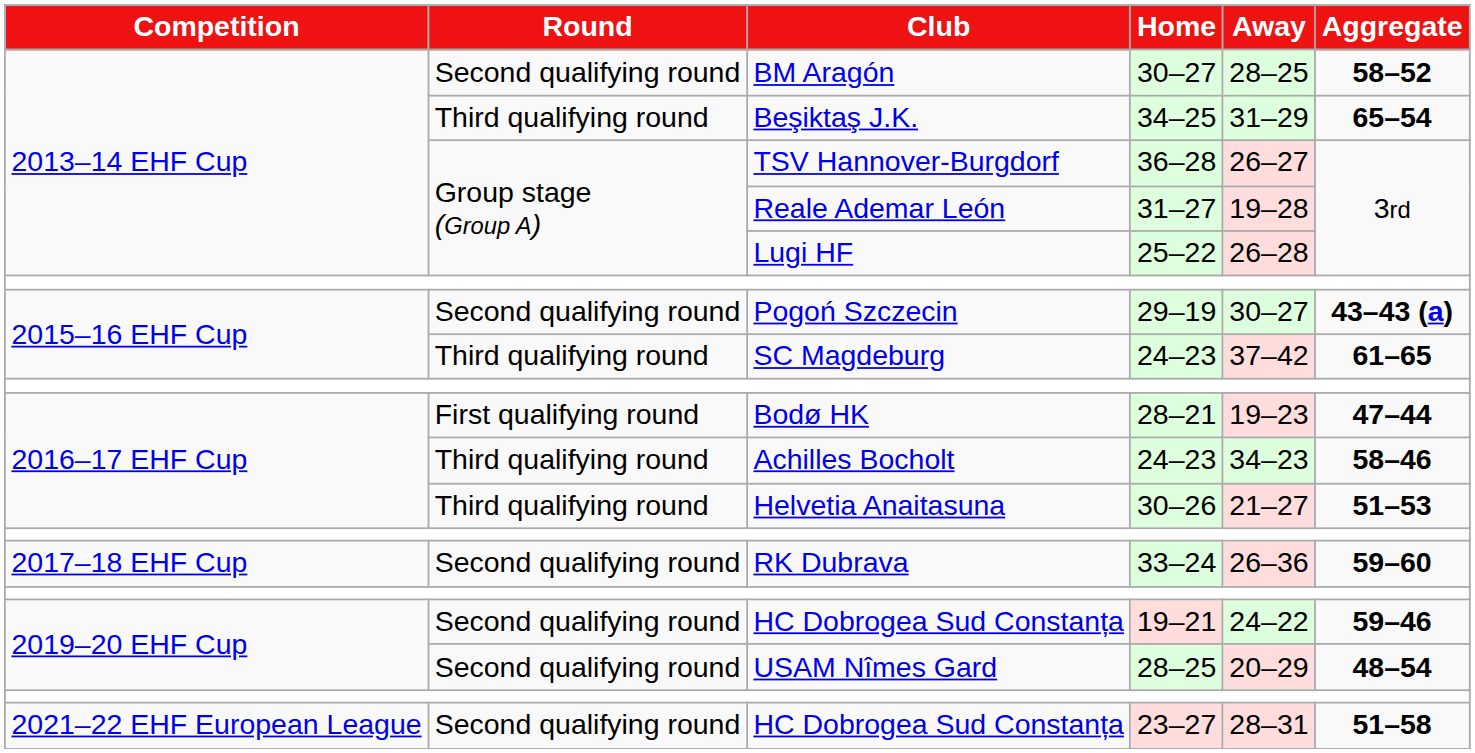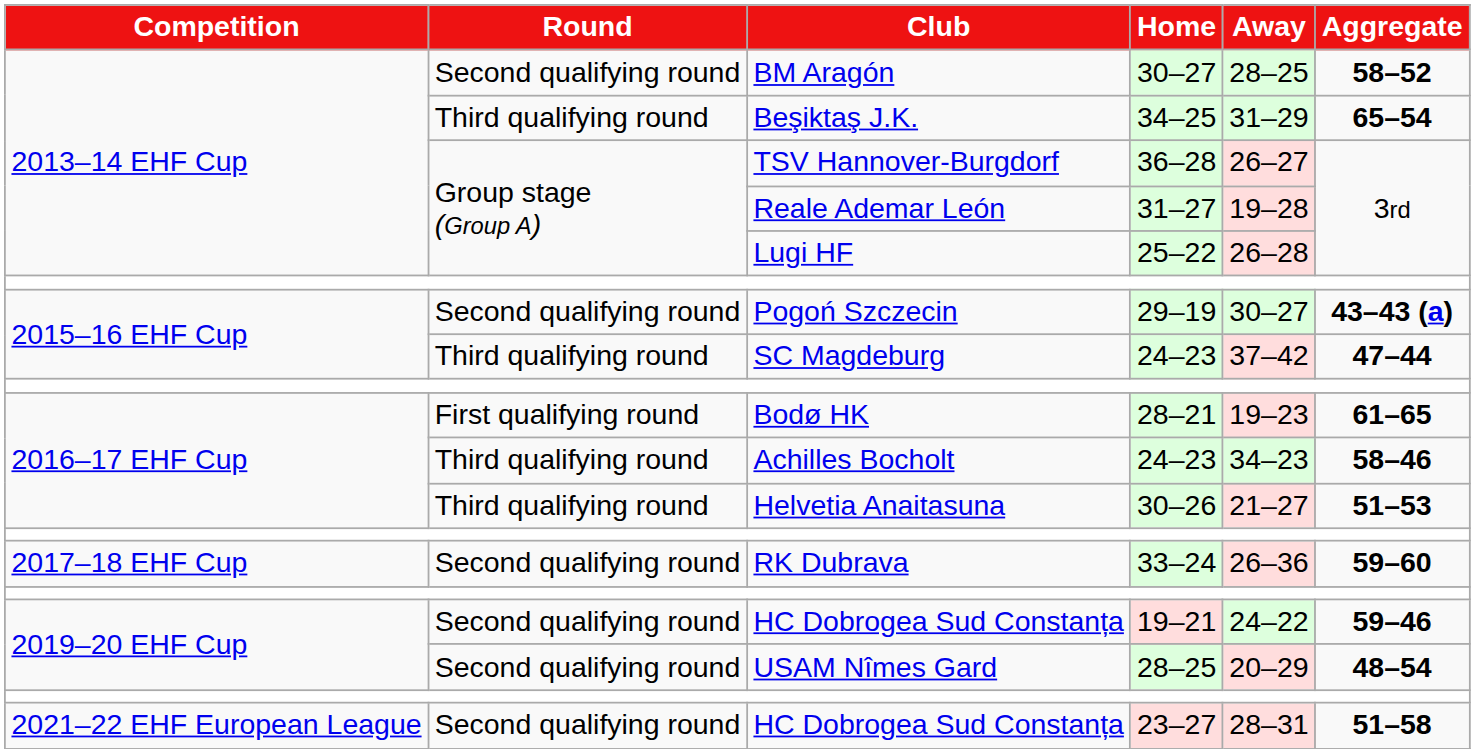 <table class="wikitable collapsible collapsed" align=center>
 <tr>
 <th style="color:white; background:#EE1212">Competition</th>
 <th style="color:white; background:#EE1212">Round</th>
 <th style="color:white; background:#EE1212">Club</th>
 <th style="color:white; background:#EE1212">Home</th>
 <th style="color:white; background:#EE1212">Away</th>
 <th style="color:white; background:#EE1212">Aggregate</th>
 </tr>
 <tr>
 <td rowspan=5><a href='#'>2013–14 EHF Cup</a></td>
 <td>Second qualifying round</td>
 <td> <a href='#'>BM Aragón</a></td>
 <td style="text-align:center; background:#dfd;">30–27</td>
 <td style="text-align:center; background:#dfd;">28–25</td>
 <td style="text-align:center;"><strong>58–52</strong></td>
 </tr>
 <tr>
 <td>Third qualifying round</td>
 <td> <a href='#'>Beşiktaş J.K.</a></td>
 <td style="text-align:center; background:#dfd;">34–25</td>
 <td style="text-align:center; background:#dfd;">31–29</td>
 <td style="text-align:center;"><strong>65–54</strong></td>
 </tr>
 <tr>
 <td rowspan=3>Group stage<br><em>(<small>Group A</small>)</em></td>
 <td> <a href='#'>TSV Hannover-Burgdorf</a></td>
 <td style="text-align:center; background:#dfd;">36–28</td>
 <td style="text-align:center; background:#fdd;">26–27</td>
 <td style="text-align:center;" rowspan="3">3<small>rd</small></td>
 </tr>
 <tr>
 <td> <a href='#'>Reale Ademar León</a></td>
 <td style="text-align:center; background:#dfd;">31–27</td>
 <td style="text-align:center; background:#fdd;">19–28</td>
 </tr>
 <tr>
 <td> <a href='#'>Lugi HF</a></td>
 <td style="text-align:center; background:#dfd;">25–22</td>
 <td style="text-align:center; background:#fdd;">26–28</td>
 </tr>
 <tr>
 <td colspan="7"  style="text-align:center; background:white;"></td>
 </tr>
 <tr>
 <td rowspan=2><a href='#'>2015–16 EHF Cup</a></td>
 <td>Second qualifying round</td>
 <td> <a href='#'>Pogoń Szczecin</a></td>
 <td style="text-align:center; background:#dfd;">29–19</td>
 <td style="text-align:center; background:#dfd;">30–27</td>
 <td style="text-align:center;"><strong>43–43 (<a href='#'>a</a>)</strong></td>
 </tr>
 <tr>
 <td>Third qualifying round</td>
 <td> <a href='#'>SC Magdeburg</a></td>
 <td style="text-align:center; background:#dfd;">24–23</td>
 <td style="text-align:center; background:#fdd;">37–42</td>
-<td style="text-align:center;"><strong>61–65</strong></td>
+<td style="text-align:center;"><strong>47–44</strong></td>
 </tr>
 <tr>
 <td colspan="7"  style="text-align:center; background:white;"></td>
 </tr>
 <tr>
 <td rowspan=3><a href='#'>2016–17 EHF Cup</a></td>
 <td>First qualifying round</td>
 <td> <a href='#'>Bodø HK</a></td>
 <td style="text-align:center; background:#dfd;">28–21</td>
 <td style="text-align:center; background:#fdd;">19–23</td>
-<td style="text-align:center;"><strong>47–44</strong></td>
+<td style="text-align:center;"><strong>61–65</strong></td>
 </tr>
 <tr>
 <td>Third qualifying round</td>
 <td> <a href='#'>Achilles Bocholt</a></td>
 <td style="text-align:center; background:#dfd;">24–23</td>
 <td style="text-align:center; background:#dfd;">34–23</td>
 <td style="text-align:center;"><strong>58–46</strong></td>
 </tr>
 <tr>
 <td>Third qualifying round</td>
 <td> <a href='#'>Helvetia Anaitasuna</a></td>
 <td style="text-align:center; background:#dfd;">30–26</td>
 <td style="text-align:center; background:#fdd;">21–27</td>
 <td style="text-align:center;"><strong>51–53</strong></td>
 </tr>
 <tr>
 <td colspan="7"  style="text-align:center; background:white;"></td>
 </tr>
 <tr>
 <td><a href='#'>2017–18 EHF Cup</a></td>
 <td>Second qualifying round</td>
 <td> <a href='#'>RK Dubrava</a></td>
 <td style="text-align:center; background:#dfd;">33–24</td>
 <td style="text-align:center; background:#fdd;">26–36</td>
 <td style="text-align:center;"><strong>59–60</strong></td>
 </tr>
 <tr>
 <td colspan="7"  style="text-align:center; background:white;"></td>
 </tr>
 <tr>
 <td rowspan=2><a href='#'>2019–20 EHF Cup</a></td>
 <td>Second qualifying round</td>
 <td> <a href='#'>HC Dobrogea Sud Constanța</a></td>
 <td style="text-align:center; background:#fdd;">19–21</td>
 <td style="text-align:center; background:#dfd;">24–22</td>
 <td style="text-align:center;"><strong>59–46</strong></td>
 </tr>
 <tr>
 <td>Second qualifying round</td>
 <td> <a href='#'>USAM Nîmes Gard</a></td>
 <td style="text-align:center; background:#dfd;">28–25</td>
 <td style="text-align:center; background:#fdd;">20–29</td>
 <td style="text-align:center;"><strong>48–54</strong></td>
 </tr>
 <tr>
 <td colspan="7"  style="text-align:center; background:white;"></td>
 </tr>
 <tr>
 <td rowspan=1><a href='#'>2021–22 EHF European League</a></td>
 <td>Second qualifying round</td>
 <td> <a href='#'>HC Dobrogea Sud Constanța</a></td>
 <td style="text-align:center; background:#fdd;">23–27</td>
 <td style="text-align:center; background:#fdd;">28–31</td>
 <td style="text-align:center;"><strong>51–58</strong></td>
 </tr>
 </table>
